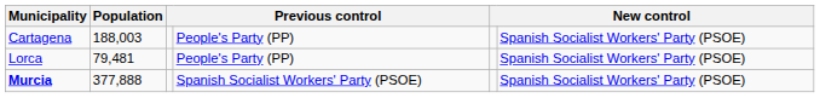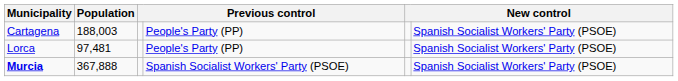 <table class="wikitable sortable">
 <tr>
 <th>Municipality</th>
 <th>Population</th>
 <th colspan="2" style="width:375px;">Previous control</th>
 <th colspan="2" style="width:375px;">New control</th>
 </tr>
 <tr>
 <td><a href='#'>Cartagena</a></td>
 <td>188,003</td>
 <td width="1" style="color:inherit;background:"></td>
 <td><a href='#'>People's Party</a> (PP)</td>
 <td width="1" style="color:inherit;background:"></td>
 <td><a href='#'>Spanish Socialist Workers' Party</a> (PSOE)</td>
 </tr>
 <tr>
 <td><a href='#'>Lorca</a></td>
-<td>79,481</td>
+<td>97,481</td>
 <td style="color:inherit;background:"></td>
 <td><a href='#'>People's Party</a> (PP)</td>
 <td style="color:inherit;background:"></td>
 <td><a href='#'>Spanish Socialist Workers' Party</a> (PSOE)</td>
 </tr>
 <tr>
 <td><strong><a href='#'>Murcia</a></strong></td>
-<td>377,888</td>
+<td>367,888</td>
 <td style="color:inherit;background:"></td>
 <td><a href='#'>Spanish Socialist Workers' Party</a> (PSOE)</td>
 <td style="color:inherit;background:"></td>
 <td><a href='#'>Spanish Socialist Workers' Party</a> (PSOE)</td>
 </tr>
 </table>
